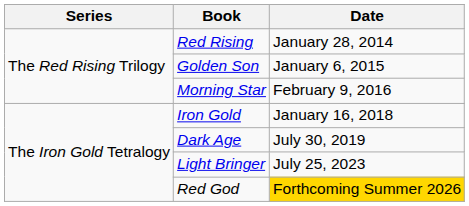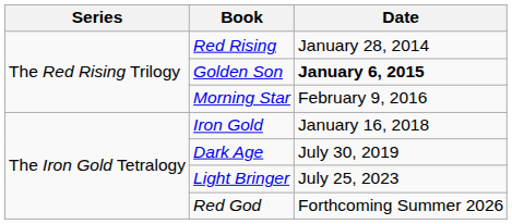 <table class="wikitable">
 <tr>
 <th><strong>Series</strong></th>
 <th>Book</th>
 <th>Date</th>
 </tr>
 <tr>
 <td rowspan="3">The <em>Red Rising</em> Trilogy</td>
 <td><em><a href='#'>Red Rising</a></em></td>
 <td>January 28, 2014</td>
 </tr>
 <tr>
 <td><em><a href='#'>Golden Son</a></em></td>
-<td>January 6, 2015</td>
+<td><strong>January 6, 2015</strong></td>
 </tr>
 <tr>
 <td><em><a href='#'>Morning Star</a></em></td>
 <td>February 9, 2016</td>
 </tr>
 <tr>
 <td rowspan="4">The <em>Iron Gold</em> Tetralogy</td>
 <td><em><a href='#'>Iron Gold</a></em></td>
 <td>January 16, 2018</td>
 </tr>
 <tr>
 <td><em><a href='#'>Dark Age</a></em></td>
 <td>July 30, 2019</td>
 </tr>
 <tr>
 <td><em><a href='#'>Light Bringer</a></em></td>
 <td>July 25, 2023</td>
 </tr>
 <tr>
 <td><em>Red God</em></td>
-<td style="background: gold;">Forthcoming Summer 2026</td>
+<td>Forthcoming Summer 2026</td>
 </tr>
 </table>
